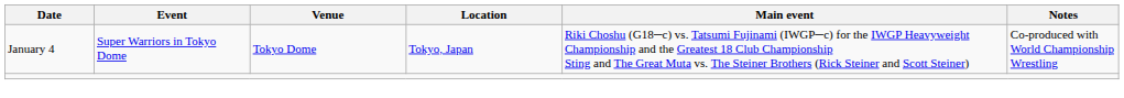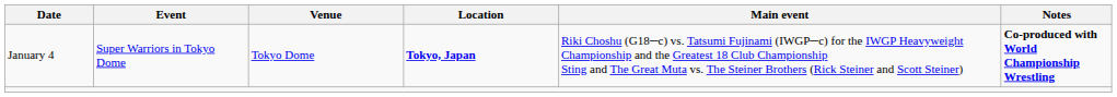 <table class="sortable wikitable succession-box" style="font-size:85%;">
 <tr>
 <th width=8%>Date</th>
 <th width=14%>Event</th>
 <th width=14%>Venue</th>
 <th width=14%>Location</th>
 <th width=40%>Main event</th>
 <th width=14%>Notes</th>
 </tr>
 <tr>
 <td>January 4</td>
 <td><a href='#'>Super Warriors in Tokyo Dome</a></td>
 <td><a href='#'>Tokyo Dome</a></td>
-<td><a href='#'>Tokyo, Japan</a></td>
+<td><strong><a href='#'>Tokyo, Japan</a></strong></td>
 <td><a href='#'>Riki Choshu</a> (G18─c) vs. <a href='#'>Tatsumi Fujinami</a> (IWGP─c) for the <a href='#'>IWGP Heavyweight Championship</a> and the <a href='#'>Greatest 18 Club Championship</a><br><a href='#'>Sting</a> and <a href='#'>The Great Muta</a> vs. <a href='#'>The Steiner Brothers</a> (<a href='#'>Rick Steiner</a> and <a href='#'>Scott Steiner</a>)</td>
-<td>Co-produced with <a href='#'>World Championship Wrestling</a></td>
+<td><strong>Co-produced with <a href='#'>World Championship Wrestling</a></strong></td>
 </tr>
 <tr>
 <td colspan=6></td>
 </tr>
 </table>
